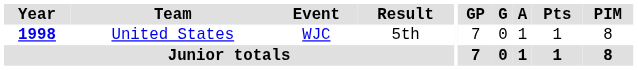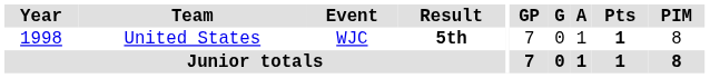 <table border="0" cellpadding="1" cellspacing="0" ID="Table3" style="text-align:center; width:40em">
 <tr ALIGN="center" bgcolor="#e0e0e0">
 <th>Year</th>
 <th>Team</th>
 <th>Event</th>
 <th>Result</th>
 <th rowspan="99" bgcolor="#ffffff"></th>
 <th>GP</th>
 <th>G</th>
 <th>A</th>
 <th>Pts</th>
 <th>PIM</th>
 </tr>
 <tr>
-<td><strong><a href='#'>1998</a></strong></td>
+<td><a href='#'>1998</a></td>
 <td><a href='#'>United States</a></td>
 <td><a href='#'>WJC</a></td>
-<td>5th</td>
+<td><strong>5th</strong></td>
 <td>7</td>
 <td>0</td>
 <td>1</td>
-<td>1</td>
+<td><strong>1</strong></td>
 <td>8</td>
 </tr>
 <tr ALIGN="center" bgcolor="#e0e0e0">
 <th colspan=4>Junior totals</th>
 <th>7</th>
 <th>0</th>
 <th>1</th>
 <th>1</th>
 <th>8</th>
 </tr>
 </table>
